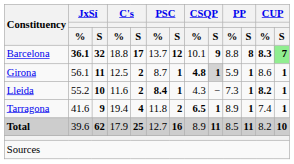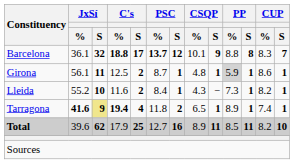 <table class="wikitable sortable" style="text-align:right; line-height:20px;">
 <tr>
 <th rowspan="3">Constituency</th>
 <th colspan="2" width="30px" class="unsortable"><a href='#'>JxSí</a></th>
 <th colspan="2" width="30px" class="unsortable"><a href='#'>C's</a></th>
 <th colspan="2" width="30px" class="unsortable"><a href='#'>PSC</a></th>
 <th colspan="2" width="30px" class="unsortable"><a href='#'>CSQP</a></th>
 <th colspan="2" width="30px" class="unsortable"><a href='#'>PP</a></th>
 <th colspan="2" width="30px" class="unsortable"><a href='#'>CUP</a></th>
 </tr>
 <tr>
 <th colspan="2" style="background:"></th>
 <th colspan="2" style="background:"></th>
 <th colspan="2" style="background:"></th>
 <th colspan="2" style="background:"></th>
 <th colspan="2" style="background:"></th>
 <th colspan="2" style="background:"></th>
 </tr>
 <tr>
 <th data-sort-type="number">%</th>
 <th data-sort-type="number">S</th>
 <th data-sort-type="number">%</th>
 <th data-sort-type="number">S</th>
 <th data-sort-type="number">%</th>
 <th data-sort-type="number">S</th>
 <th data-sort-type="number">%</th>
 <th data-sort-type="number">S</th>
 <th data-sort-type="number">%</th>
 <th data-sort-type="number">S</th>
 <th data-sort-type="number">%</th>
 <th data-sort-type="number">S</th>
 </tr>
 <tr>
 <td align="left"><a href='#'>Barcelona</a></td>
-<td style="background:"><strong>36.1</strong></td>
+<td style="background:">36.1</td>
 <td><strong>32</strong></td>
-<td>18.8</td>
+<td><strong>18.8</strong></td>
 <td><strong>17</strong></td>
-<td>13.7</td>
+<td><strong>13.7</strong></td>
 <td><strong>12</strong></td>
 <td>10.1</td>
 <td><strong>9</strong></td>
 <td>8.8</td>
 <td><strong>8</strong></td>
-<td><strong>8.3</strong></td>
-<td style="background: lightgreen;"><strong>7</strong></td>
+<td>8.3</td>
+<td><strong>7</strong></td>
 </tr>
 <tr>
 <td align="left"><a href='#'>Girona</a></td>
 <td style="background:">56.1</td>
 <td><strong>11</strong></td>
 <td>12.5</td>
 <td><strong>2</strong></td>
 <td>8.7</td>
 <td><strong>1</strong></td>
-<td><strong>4.8</strong></td>
-<td style="background: lightgrey;"><strong>1</strong></td>
-<td>5.9</td>
+<td>4.8</td>
+<td><strong>1</strong></td>
+<td style="background: lightgrey;">5.9</td>
 <td><strong>1</strong></td>
 <td>8.6</td>
 <td><strong>1</strong></td>
 </tr>
 <tr>
 <td align="left"><a href='#'>Lleida</a></td>
 <td style="background:">55.2</td>
 <td><strong>10</strong></td>
 <td>11.6</td>
 <td><strong>2</strong></td>
-<td><strong>8.4</strong></td>
+<td>8.4</td>
 <td><strong>1</strong></td>
 <td>4.3</td>
 <td>−</td>
 <td>7.3</td>
 <td><strong>1</strong></td>
-<td><strong>8.2</strong></td>
+<td>8.2</td>
 <td><strong>1</strong></td>
 </tr>
 <tr>
 <td align="left"><a href='#'>Tarragona</a></td>
-<td style="background:">41.6</td>
-<td><strong>9</strong></td>
-<td>19.4</td>
+<td style="background:"><strong>41.6</strong></td>
+<td style="background: khaki;"><strong>9</strong></td>
+<td><strong>19.4</strong></td>
 <td><strong>4</strong></td>
 <td>11.8</td>
 <td><strong>2</strong></td>
-<td><strong>6.5</strong></td>
+<td>6.5</td>
 <td><strong>1</strong></td>
 <td>8.9</td>
 <td><strong>1</strong></td>
 <td>7.4</td>
 <td><strong>1</strong></td>
 </tr>
 <tr style="background:#CDCDCD;">
 <td align="left"><strong>Total</strong></td>
 <td style="background:">39.6</td>
 <td><strong>62</strong></td>
 <td>17.9</td>
 <td><strong>25</strong></td>
 <td>12.7</td>
 <td><strong>16</strong></td>
 <td>8.9</td>
 <td><strong>11</strong></td>
 <td>8.5</td>
 <td><strong>11</strong></td>
 <td>8.2</td>
 <td><strong>10</strong></td>
 </tr>
 <tr>
 <th colspan="13"></th>
 </tr>
 <tr>
 <th style="text-align:left; font-weight:normal; background:#F9F9F9" colspan="13">Sources</th>
 </tr>
 </table>
